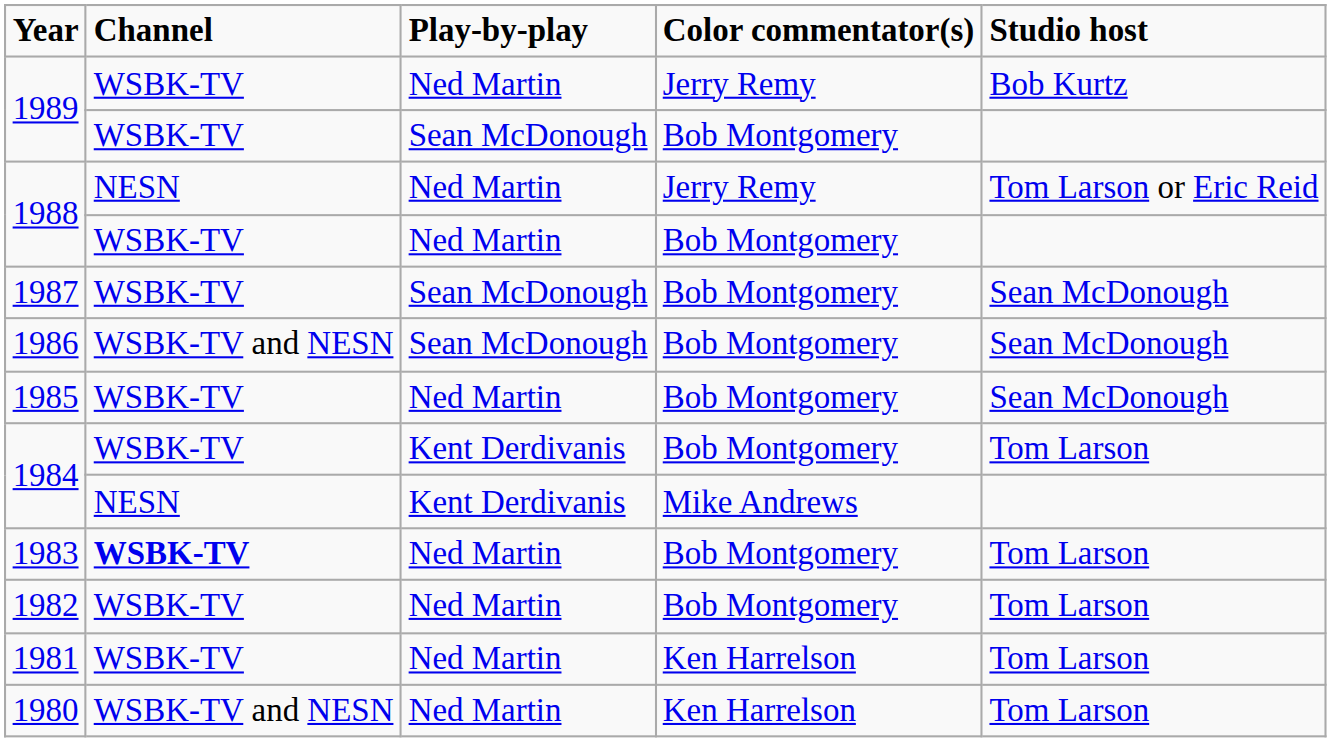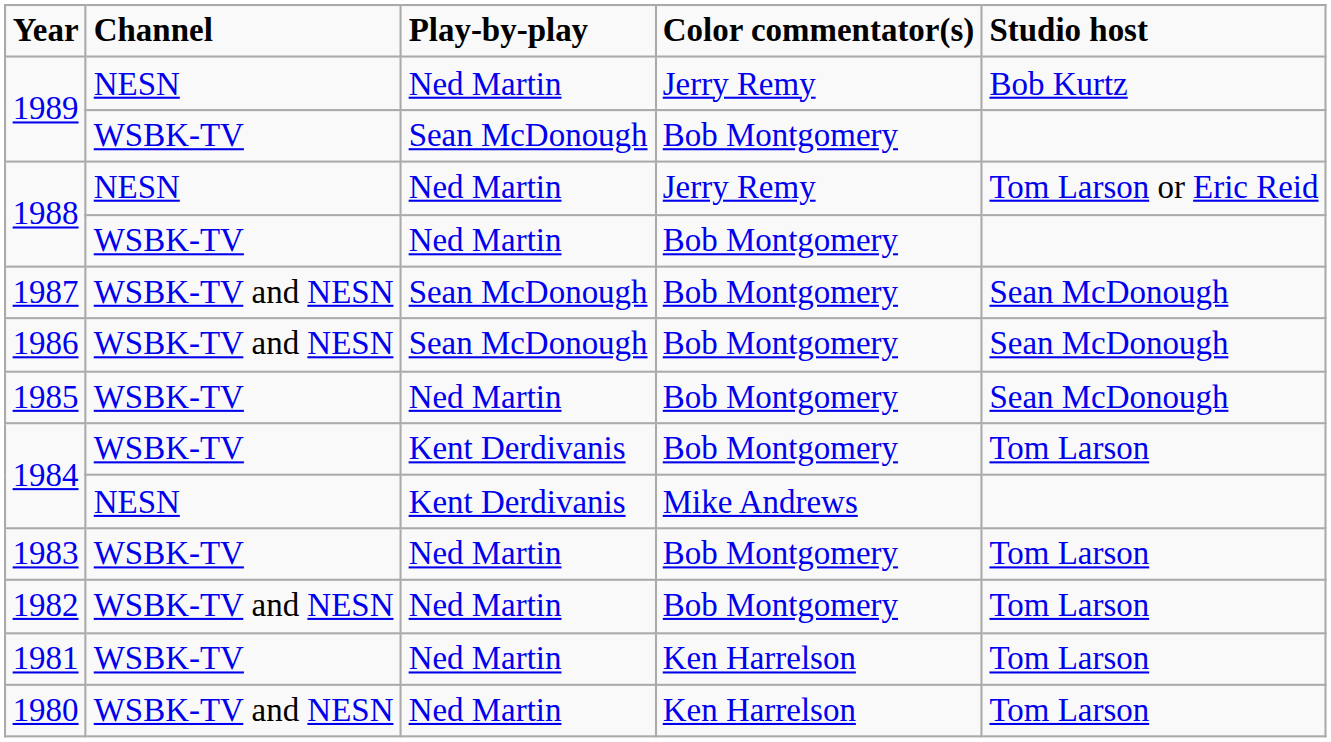 <table class="wikitable">
 <tr>
 <td><strong>Year</strong></td>
 <td><strong>Channel</strong></td>
 <td><strong>Play-by-play</strong></td>
 <td><strong>Color commentator(s)</strong></td>
 <td><strong>Studio host</strong></td>
 </tr>
 <tr>
 <td rowspan=2><a href='#'>1989</a></td>
-<td><a href='#'>WSBK-TV</a></td>
+<td><a href='#'>NESN</a></td>
 <td><a href='#'>Ned Martin</a></td>
 <td><a href='#'>Jerry Remy</a></td>
 <td><a href='#'>Bob Kurtz</a></td>
 </tr>
 <tr>
 <td><a href='#'>WSBK-TV</a></td>
 <td><a href='#'>Sean McDonough</a></td>
 <td><a href='#'>Bob Montgomery</a></td>
 <td></td>
 </tr>
 <tr>
 <td rowspan=2><a href='#'>1988</a></td>
 <td><a href='#'>NESN</a></td>
 <td><a href='#'>Ned Martin</a></td>
 <td><a href='#'>Jerry Remy</a></td>
 <td><a href='#'>Tom Larson</a> or <a href='#'>Eric Reid</a></td>
 </tr>
 <tr>
 <td><a href='#'>WSBK-TV</a></td>
 <td><a href='#'>Ned Martin</a></td>
 <td><a href='#'>Bob Montgomery</a></td>
 <td></td>
 </tr>
 <tr>
 <td><a href='#'>1987</a></td>
-<td><a href='#'>WSBK-TV</a></td>
+<td><a href='#'>WSBK-TV</a> and <a href='#'>NESN</a></td>
 <td><a href='#'>Sean McDonough</a></td>
 <td><a href='#'>Bob Montgomery</a></td>
 <td><a href='#'>Sean McDonough</a></td>
 </tr>
 <tr>
 <td><a href='#'>1986</a></td>
 <td><a href='#'>WSBK-TV</a> and <a href='#'>NESN</a></td>
 <td><a href='#'>Sean McDonough</a></td>
 <td><a href='#'>Bob Montgomery</a></td>
 <td><a href='#'>Sean McDonough</a></td>
 </tr>
 <tr>
 <td><a href='#'>1985</a></td>
 <td><a href='#'>WSBK-TV</a></td>
 <td><a href='#'>Ned Martin</a></td>
 <td><a href='#'>Bob Montgomery</a></td>
 <td><a href='#'>Sean McDonough</a></td>
 </tr>
 <tr>
 <td rowspan=2><a href='#'>1984</a></td>
 <td><a href='#'>WSBK-TV</a></td>
 <td><a href='#'>Kent Derdivanis</a></td>
 <td><a href='#'>Bob Montgomery</a></td>
 <td><a href='#'>Tom Larson</a></td>
 </tr>
 <tr>
 <td><a href='#'>NESN</a></td>
 <td><a href='#'>Kent Derdivanis</a></td>
 <td><a href='#'>Mike Andrews</a></td>
 <td></td>
 </tr>
 <tr>
 <td><a href='#'>1983</a></td>
-<td><strong><a href='#'>WSBK-TV</a></strong></td>
+<td><a href='#'>WSBK-TV</a></td>
 <td><a href='#'>Ned Martin</a></td>
 <td><a href='#'>Bob Montgomery</a></td>
 <td><a href='#'>Tom Larson</a></td>
 </tr>
 <tr>
 <td><a href='#'>1982</a></td>
-<td><a href='#'>WSBK-TV</a></td>
+<td><a href='#'>WSBK-TV</a> and <a href='#'>NESN</a></td>
 <td><a href='#'>Ned Martin</a></td>
 <td><a href='#'>Bob Montgomery</a></td>
 <td><a href='#'>Tom Larson</a></td>
 </tr>
 <tr>
 <td><a href='#'>1981</a></td>
 <td><a href='#'>WSBK-TV</a></td>
 <td><a href='#'>Ned Martin</a></td>
 <td><a href='#'>Ken Harrelson</a></td>
 <td><a href='#'>Tom Larson</a></td>
 </tr>
 <tr>
 <td><a href='#'>1980</a></td>
 <td><a href='#'>WSBK-TV</a> and <a href='#'>NESN</a></td>
 <td><a href='#'>Ned Martin</a></td>
 <td><a href='#'>Ken Harrelson</a></td>
 <td><a href='#'>Tom Larson</a></td>
 </tr>
 </table>
